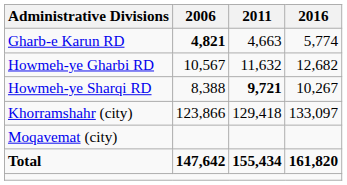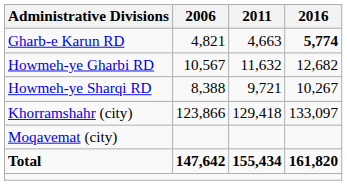 <table class="wikitable">
 <tr>
 <th>Administrative Divisions</th>
 <th>2006</th>
 <th>2011</th>
 <th>2016</th>
 </tr>
 <tr>
 <td><a href='#'>Gharb-e Karun RD</a></td>
-<td style="text-align: right;"><strong>4,821</strong></td>
+<td style="text-align: right;">4,821</td>
 <td style="text-align: right;">4,663</td>
-<td style="text-align: right;">5,774</td>
+<td style="text-align: right;"><strong>5,774</strong></td>
 </tr>
 <tr>
 <td><a href='#'>Howmeh-ye Gharbi RD</a></td>
 <td style="text-align: right;">10,567</td>
 <td style="text-align: right;">11,632</td>
 <td style="text-align: right;">12,682</td>
 </tr>
 <tr>
 <td><a href='#'>Howmeh-ye Sharqi RD</a></td>
 <td style="text-align: right;">8,388</td>
-<td style="text-align: right;"><strong>9,721</strong></td>
+<td style="text-align: right;">9,721</td>
 <td style="text-align: right;">10,267</td>
 </tr>
 <tr>
 <td><a href='#'>Khorramshahr</a> (city)</td>
 <td style="text-align: right;">123,866</td>
 <td style="text-align: right;">129,418</td>
 <td style="text-align: right;">133,097</td>
 </tr>
 <tr>
 <td><a href='#'>Moqavemat</a> (city)</td>
 <td style="text-align: right;"></td>
 <td style="text-align: right;"></td>
 <td style="text-align: right;"></td>
 </tr>
 <tr>
 <td><strong>Total</strong></td>
 <td style="text-align: right;"><strong>147,642</strong></td>
 <td style="text-align: right;"><strong>155,434</strong></td>
 <td style="text-align: right;"><strong>161,820</strong></td>
 </tr>
 <tr>
 <td colspan=4></td>
 </tr>
 </table>
